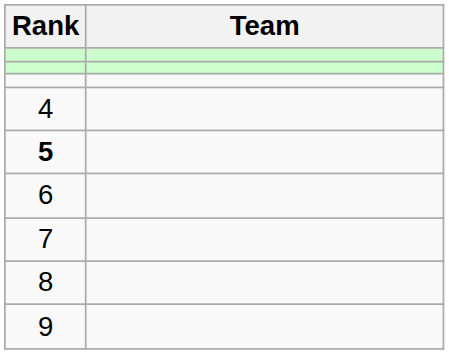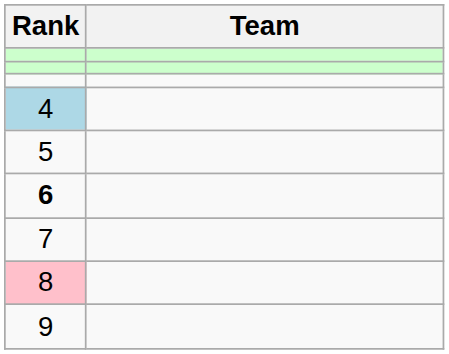 <table class="wikitable" style="text-align: center;">
 <tr>
 <th width=40>Rank</th>
 <th width=200>Team</th>
 </tr>
 <tr bgcolor=#ccffcc>
 <td></td>
 <td style="text-align:left;"></td>
 </tr>
 <tr bgcolor=#ccffcc>
 <td></td>
 <td style="text-align:left;"></td>
 </tr>
 <tr>
 <td></td>
 <td style="text-align:left;"></td>
 </tr>
 <tr>
-<td>4</td>
+<td style="background: lightblue;">4</td>
 <td style="text-align:left;"></td>
 </tr>
 <tr>
-<td><strong>5</strong></td>
+<td>5</td>
 <td style="text-align:left;"></td>
 </tr>
 <tr>
-<td>6</td>
+<td><strong>6</strong></td>
 <td style="text-align:left;"></td>
 </tr>
 <tr>
 <td>7</td>
 <td style="text-align:left;"></td>
 </tr>
 <tr>
-<td>8</td>
+<td style="background: pink;">8</td>
 <td style="text-align:left;"></td>
 </tr>
 <tr>
 <td>9</td>
 <td style="text-align:left;"></td>
 </tr>
 </table>
